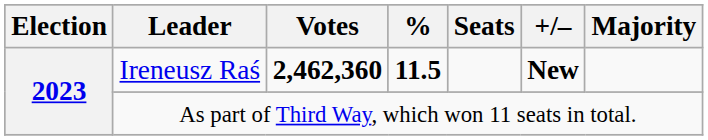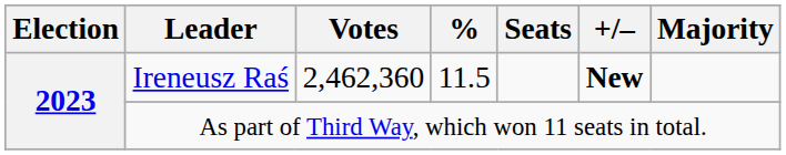 <table class="wikitable" style="text-align:center;">
 <tr>
 <th>Election</th>
 <th>Leader</th>
 <th>Votes</th>
 <th>%</th>
 <th>Seats</th>
 <th>+/–</th>
 <th>Majority</th>
 </tr>
 <tr>
 <th rowspan="2"><a href='#'>2023</a></th>
 <td><a href='#'>Ireneusz Raś</a></td>
-<td><strong>2,462,360</strong></td>
-<td><strong>11.5</strong></td>
+<td>2,462,360</td>
+<td>11.5</td>
 <td></td>
 <td><strong>New</strong></td>
 <td></td>
 </tr>
 <tr>
 <td colspan="6"><small>As part of <a href='#'>Third Way</a>, which won 11 seats in total.</small></td>
 </tr>
 </table>
